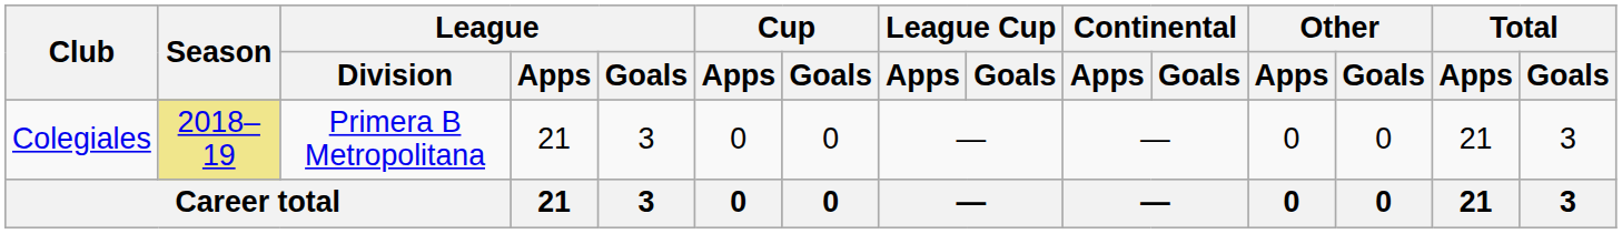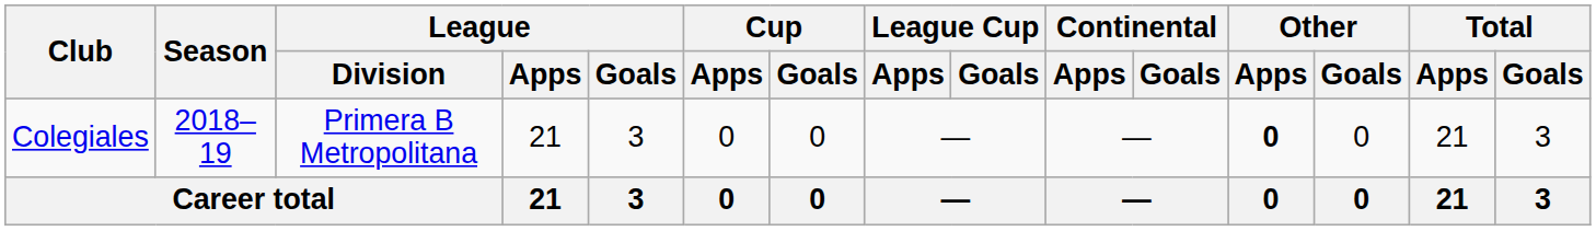 <table class="wikitable" style="text-align:center">
 <tr>
 <th rowspan="2">Club</th>
 <th rowspan="2">Season</th>
 <th colspan="3">League</th>
 <th colspan="2">Cup</th>
 <th colspan="2">League Cup</th>
 <th colspan="2">Continental</th>
 <th colspan="2">Other</th>
 <th colspan="2">Total</th>
 </tr>
 <tr>
 <th>Division</th>
 <th>Apps</th>
 <th>Goals</th>
 <th>Apps</th>
 <th>Goals</th>
 <th>Apps</th>
 <th>Goals</th>
 <th>Apps</th>
 <th>Goals</th>
 <th>Apps</th>
 <th>Goals</th>
 <th>Apps</th>
 <th>Goals</th>
 </tr>
 <tr>
 <td rowspan="1"><a href='#'>Colegiales</a></td>
-<td style="background: khaki;"><a href='#'>2018–19</a></td>
+<td><a href='#'>2018–19</a></td>
 <td rowspan="1"><a href='#'>Primera B Metropolitana</a></td>
 <td>21</td>
 <td>3</td>
 <td>0</td>
 <td>0</td>
 <td colspan="2">—</td>
 <td colspan="2">—</td>
-<td>0</td>
+<td><strong>0</strong></td>
 <td>0</td>
 <td>21</td>
 <td>3</td>
 </tr>
 <tr>
 <th colspan="3">Career total</th>
 <th>21</th>
 <th>3</th>
 <th>0</th>
 <th>0</th>
 <th colspan="2">—</th>
 <th colspan="2">—</th>
 <th>0</th>
 <th>0</th>
 <th>21</th>
 <th>3</th>
 </tr>
 </table>
